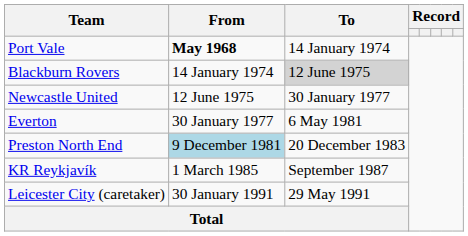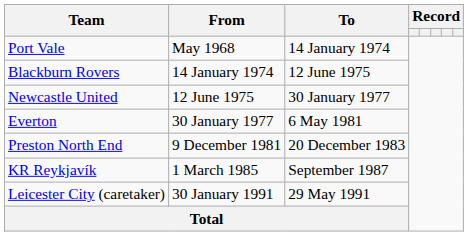 <table class=wikitable style="text-align: center">
 <tr>
 <th rowspan=2>Team</th>
 <th rowspan=2>From</th>
 <th rowspan=2>To</th>
 <th colspan=5>Record</th>
 </tr>
 <tr>
 <th></th>
 <th></th>
 <th></th>
 <th></th>
 <th></th>
 </tr>
 <tr>
 <td align=left><a href='#'>Port Vale</a></td>
-<td align=left><strong>May 1968</strong></td>
+<td align=left>May 1968</td>
 <td align=left>14 January 1974<br></td>
 </tr>
 <tr>
 <td align=left><a href='#'>Blackburn Rovers</a></td>
 <td align=left>14 January 1974</td>
-<td align=left style="background: lightgrey;">12 June 1975<br></td>
+<td align=left>12 June 1975<br></td>
 </tr>
 <tr>
 <td align=left><a href='#'>Newcastle United</a></td>
 <td align=left>12 June 1975</td>
 <td align=left>30 January 1977<br></td>
 </tr>
 <tr>
 <td align=left><a href='#'>Everton</a></td>
 <td align=left>30 January 1977</td>
 <td align=left>6 May 1981<br></td>
 </tr>
 <tr>
 <td align=left><a href='#'>Preston North End</a></td>
-<td align=left style="background: lightblue;">9 December 1981</td>
+<td align=left>9 December 1981</td>
 <td align=left>20 December 1983<br></td>
 </tr>
 <tr>
 <td align=left><a href='#'>KR Reykjavík</a></td>
 <td align=left>1 March 1985</td>
 <td align=left>September 1987<br></td>
 </tr>
 <tr>
 <td align=left><a href='#'>Leicester City</a> (caretaker)</td>
 <td align=left>30 January 1991</td>
 <td align=left>29 May 1991<br></td>
 </tr>
 <tr>
 <th colspan=3>Total<br></th>
 </tr>
 </table>
